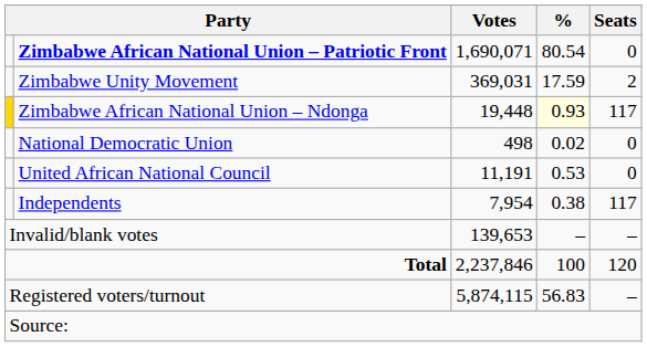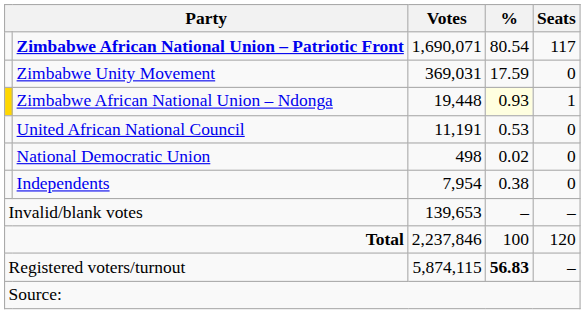 <table class="wikitable" style="text-align:right">
 <tr>
 <th colspan="2">Party</th>
 <th>Votes</th>
 <th>%</th>
 <th>Seats</th>
 </tr>
 <tr>
 <td style="background-color: "></td>
 <td align="left"><a href='#'><strong>Zimbabwe African National Union – Patriotic Front</strong></a></td>
 <td>1,690,071</td>
 <td>80.54</td>
-<td>0</td>
+<td>117</td>
 </tr>
 <tr>
 <td style="background-color: "></td>
 <td align="left"><a href='#'>Zimbabwe Unity Movement</a></td>
 <td>369,031</td>
 <td>17.59</td>
-<td>2</td>
+<td>0</td>
 </tr>
 <tr>
 <td style="background-color:#FFD700"></td>
 <td align="left"><a href='#'>Zimbabwe African National Union – Ndonga</a></td>
 <td>19,448</td>
 <td style="background: lightyellow;">0.93</td>
-<td>117</td>
+<td>1</td>
+</tr>
+<tr>
+<td style="background-color: "></td>
+<td align="left"><a href='#'>United African National Council</a></td>
+<td>11,191</td>
+<td>0.53</td>
+<td>0</td>
 </tr>
 <tr>
 <td></td>
 <td align="left"><a href='#'>National Democratic Union</a></td>
 <td>498</td>
 <td>0.02</td>
 <td>0</td>
 </tr>
 <tr>
 <td style="background-color: "></td>
-<td align="left"><a href='#'>United African National Council</a></td>
-<td>11,191</td>
-<td>0.53</td>
-<td>0</td>
-</tr>
-<tr>
-<td style="background-color: "></td>
 <td align="left"><a href='#'>Independents</a></td>
 <td>7,954</td>
 <td>0.38</td>
-<td>117</td>
+<td>0</td>
 </tr>
 <tr>
 <td colspan="2" align="left">Invalid/blank votes</td>
 <td>139,653</td>
 <td>–</td>
 <td>–</td>
 </tr>
 <tr>
 <td colspan="2"><strong>Total</strong></td>
 <td>2,237,846</td>
 <td>100</td>
 <td>120</td>
 </tr>
 <tr>
 <td colspan="2" align="left">Registered voters/turnout</td>
 <td>5,874,115</td>
-<td>56.83</td>
+<td><strong>56.83</strong></td>
 <td>–</td>
 </tr>
 <tr>
 <td colspan="5" align="left">Source: </td>
 </tr>
 </table>
